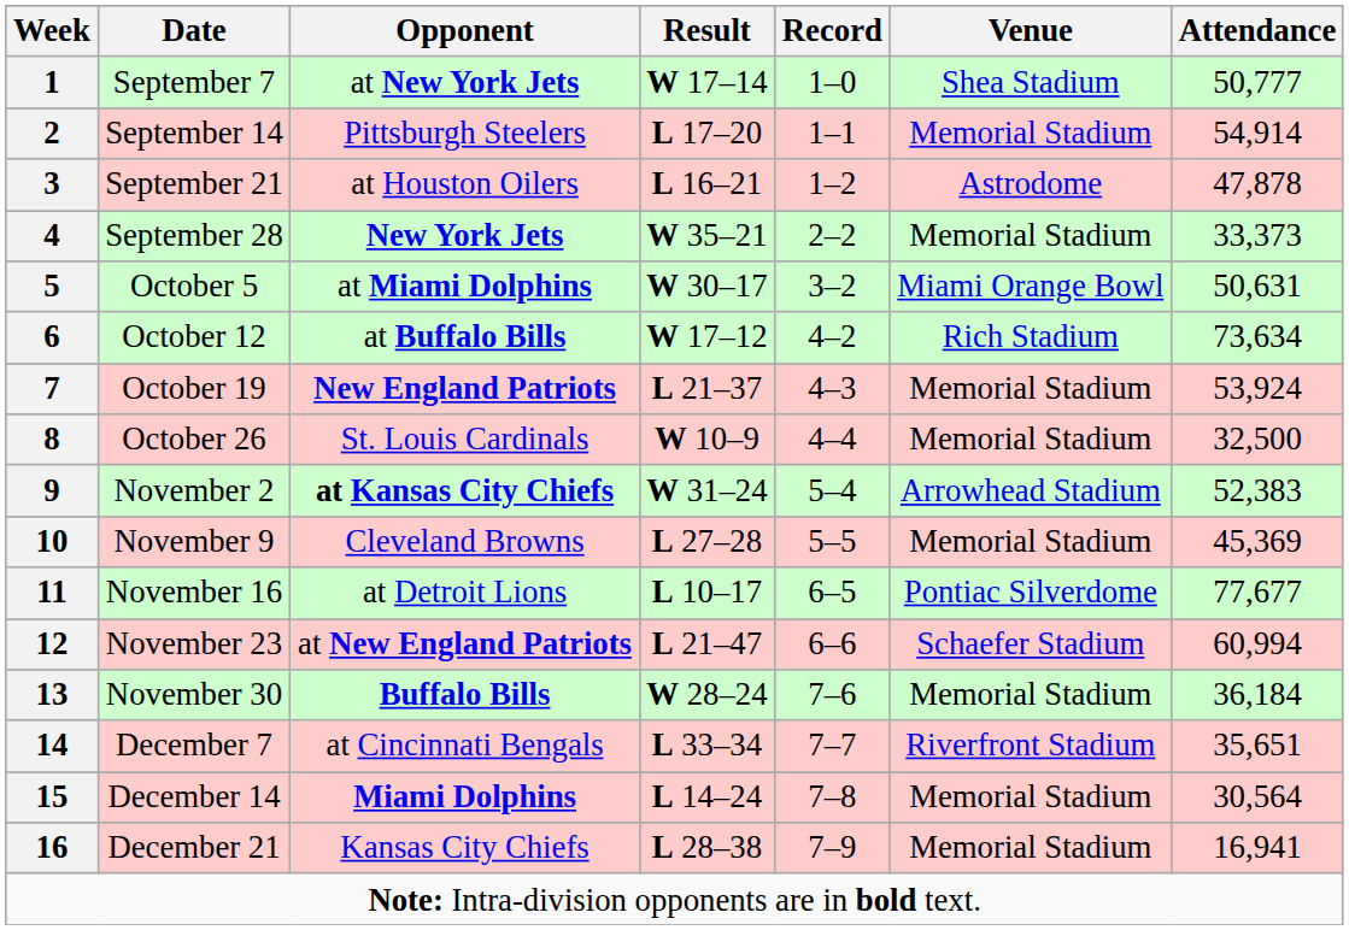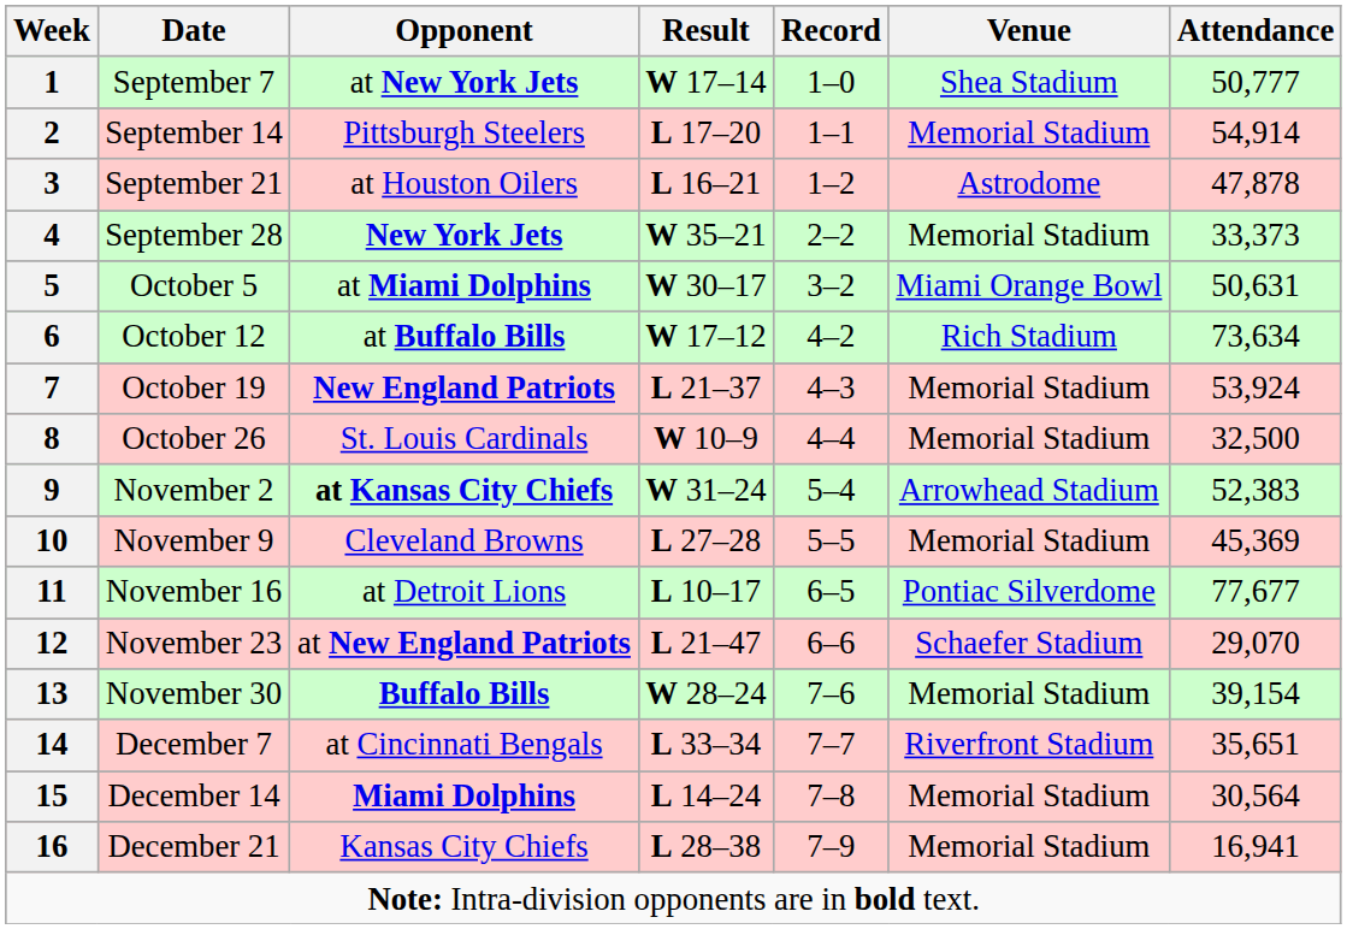 <table class="wikitable" style="text-align:center">
 <tr>
 <th>Week</th>
 <th>Date</th>
 <th>Opponent</th>
 <th>Result</th>
 <th>Record</th>
 <th>Venue</th>
 <th>Attendance</th>
 </tr>
 <tr style="background:#cfc">
 <th>1</th>
 <td>September 7</td>
 <td>at <strong><a href='#'>New York Jets</a></strong></td>
 <td><strong>W</strong> 17–14</td>
 <td>1–0</td>
 <td><a href='#'>Shea Stadium</a></td>
 <td>50,777</td>
 </tr>
 <tr style="background:#fcc">
 <th>2</th>
 <td>September 14</td>
 <td><a href='#'>Pittsburgh Steelers</a></td>
 <td><strong>L</strong> 17–20</td>
 <td>1–1</td>
 <td><a href='#'>Memorial Stadium</a></td>
 <td>54,914</td>
 </tr>
 <tr style="background:#fcc">
 <th>3</th>
 <td>September 21</td>
 <td>at <a href='#'>Houston Oilers</a></td>
 <td><strong>L</strong> 16–21</td>
 <td>1–2</td>
 <td><a href='#'>Astrodome</a></td>
 <td>47,878</td>
 </tr>
 <tr style="background:#cfc">
 <th>4</th>
 <td>September 28</td>
 <td><strong><a href='#'>New York Jets</a></strong></td>
 <td><strong>W</strong> 35–21</td>
 <td>2–2</td>
 <td>Memorial Stadium</td>
 <td>33,373</td>
 </tr>
 <tr style="background:#cfc">
 <th>5</th>
 <td>October 5</td>
 <td>at <strong><a href='#'>Miami Dolphins</a></strong></td>
 <td><strong>W</strong> 30–17</td>
 <td>3–2</td>
 <td><a href='#'>Miami Orange Bowl</a></td>
 <td>50,631</td>
 </tr>
 <tr style="background:#cfc">
 <th>6</th>
 <td>October 12</td>
 <td>at <strong><a href='#'>Buffalo Bills</a></strong></td>
 <td><strong>W</strong> 17–12</td>
 <td>4–2</td>
 <td><a href='#'>Rich Stadium</a></td>
 <td>73,634</td>
 </tr>
 <tr style="background:#fcc">
 <th>7</th>
 <td>October 19</td>
 <td><strong><a href='#'>New England Patriots</a></strong></td>
 <td><strong>L</strong> 21–37</td>
 <td>4–3</td>
 <td>Memorial Stadium</td>
 <td>53,924</td>
 </tr>
 <tr style="background:#fcc">
 <th>8</th>
 <td>October 26</td>
 <td><a href='#'>St. Louis Cardinals</a></td>
 <td><strong>W</strong> 10–9</td>
 <td>4–4</td>
 <td>Memorial Stadium</td>
 <td>32,500</td>
 </tr>
 <tr style="background:#cfc">
 <th>9</th>
 <td>November 2</td>
 <td><strong>at <a href='#'>Kansas City Chiefs</a></strong></td>
 <td><strong>W</strong> 31–24</td>
 <td>5–4</td>
 <td><a href='#'>Arrowhead Stadium</a></td>
 <td>52,383</td>
 </tr>
 <tr style="background:#fcc">
 <th>10</th>
 <td>November 9</td>
 <td><a href='#'>Cleveland Browns</a></td>
 <td><strong>L</strong> 27–28</td>
 <td>5–5</td>
 <td>Memorial Stadium</td>
 <td>45,369</td>
 </tr>
 <tr style="background:#cfc">
 <th>11</th>
 <td>November 16</td>
 <td>at <a href='#'>Detroit Lions</a></td>
 <td><strong>L</strong> 10–17</td>
 <td>6–5</td>
 <td><a href='#'>Pontiac Silverdome</a></td>
 <td>77,677</td>
 </tr>
 <tr style="background:#fcc">
 <th>12</th>
 <td>November 23</td>
 <td>at <strong><a href='#'>New England Patriots</a></strong></td>
 <td><strong>L</strong> 21–47</td>
 <td>6–6</td>
 <td><a href='#'>Schaefer Stadium</a></td>
-<td>60,994</td>
+<td>29,070</td>
 </tr>
 <tr style="background:#cfc">
 <th>13</th>
 <td>November 30</td>
 <td><strong><a href='#'>Buffalo Bills</a></strong></td>
 <td><strong>W</strong> 28–24</td>
 <td>7–6</td>
 <td>Memorial Stadium</td>
-<td>36,184</td>
+<td>39,154</td>
 </tr>
 <tr style="background:#fcc">
 <th>14</th>
 <td>December 7</td>
 <td>at <a href='#'>Cincinnati Bengals</a></td>
 <td><strong>L</strong> 33–34</td>
 <td>7–7</td>
 <td><a href='#'>Riverfront Stadium</a></td>
 <td>35,651</td>
 </tr>
 <tr style="background:#fcc">
 <th>15</th>
 <td>December 14</td>
 <td><strong><a href='#'>Miami Dolphins</a></strong></td>
 <td><strong>L</strong> 14–24</td>
 <td>7–8</td>
 <td>Memorial Stadium</td>
 <td>30,564</td>
 </tr>
 <tr style="background:#fcc">
 <th>16</th>
 <td>December 21</td>
 <td><a href='#'>Kansas City Chiefs</a></td>
 <td><strong>L</strong> 28–38</td>
 <td>7–9</td>
 <td>Memorial Stadium</td>
 <td>16,941</td>
 </tr>
 <tr>
 <td colspan="7"><strong>Note:</strong> Intra-division opponents are in <strong>bold</strong> text.</td>
 </tr>
 </table>
